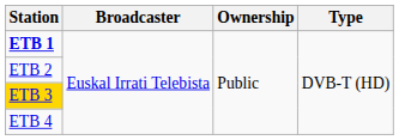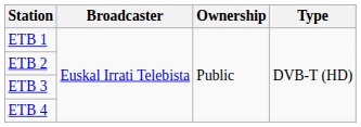 <table class="wikitable">
 <tr>
 <th>Station</th>
 <th>Broadcaster</th>
 <th>Ownership</th>
 <th>Type</th>
 </tr>
 <tr>
-<td><strong><a href='#'>ETB 1</a></strong></td>
+<td><a href='#'>ETB 1</a></td>
 <td rowspan="4"><a href='#'>Euskal Irrati Telebista</a></td>
 <td rowspan="4">Public</td>
 <td rowspan="4">DVB-T (HD)</td>
 </tr>
 <tr>
 <td><a href='#'>ETB 2</a></td>
 </tr>
 <tr>
-<td style="background: gold;"><a href='#'>ETB 3</a></td>
+<td><a href='#'>ETB 3</a></td>
 </tr>
 <tr>
 <td><a href='#'>ETB 4</a></td>
 </tr>
 </table>
